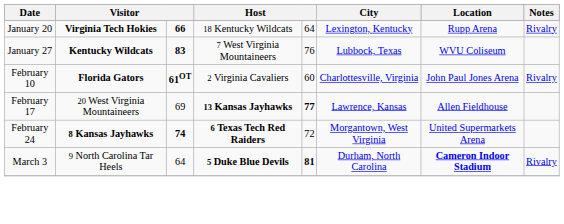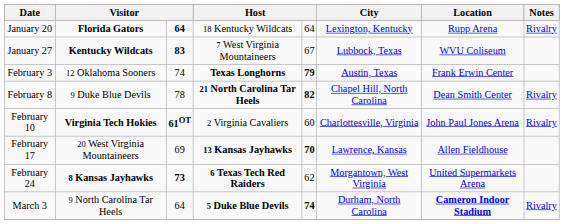 <table class="wikitable" style="text-align:center">
 <tr style="background:#A32638;"|>
 <th>Date</th>
 <th colspan=2>Visitor</th>
 <th colspan=2>Host</th>
 <th>City</th>
 <th>Location</th>
 <th>Notes</th>
 </tr>
 <tr>
 <td>January 20</td>
-<td><strong>Virginia Tech Hokies</strong></td>
-<td><strong>66</strong></td>
+<td><strong>Florida Gators</strong></td>
+<td><strong>64</strong></td>
 <td><small>18</small> Kentucky Wildcats</td>
 <td>64</td>
 <td><a href='#'>Lexington, Kentucky</a></td>
 <td><a href='#'>Rupp Arena</a></td>
 <td><a href='#'>Rivalry</a></td>
 </tr>
 <tr>
 <td>January 27</td>
 <td><strong>Kentucky Wildcats</strong></td>
 <td><strong>83</strong></td>
 <td><small>7</small> West Virginia Mountaineers</td>
-<td>76</td>
+<td>67</td>
 <td><a href='#'>Lubbock, Texas</a></td>
 <td><a href='#'>WVU Coliseum</a></td>
 <td></td>
 </tr>
 <tr>
+<td>February 3</td>
+<td><small>12</small> Oklahoma Sooners</td>
+<td>74</td>
+<td><strong>Texas Longhorns</strong></td>
+<td><strong>79</strong></td>
+<td><a href='#'>Austin, Texas</a></td>
+<td><a href='#'>Frank Erwin Center</a></td>
+<td></td>
+</tr>
+<tr>
+<td>February 8</td>
+<td><small>9</small> Duke Blue Devils</td>
+<td>78</td>
+<td><strong><small>21</small> North Carolina Tar Heels</strong></td>
+<td><strong>82</strong></td>
+<td><a href='#'>Chapel Hill, North Carolina</a></td>
+<td><a href='#'>Dean Smith Center</a></td>
+<td><a href='#'>Rivalry</a></td>
+</tr>
+<tr>
 <td>February 10</td>
-<td><strong>Florida Gators</strong></td>
+<td><strong>Virginia Tech Hokies</strong></td>
 <td><strong>61<sup>OT</sup></strong></td>
 <td><small>2</small> Virginia Cavaliers</td>
 <td>60</td>
 <td><a href='#'>Charlottesville, Virginia</a></td>
 <td><a href='#'>John Paul Jones Arena</a></td>
 <td><a href='#'>Rivalry</a></td>
 </tr>
 <tr>
 <td>February 17</td>
 <td><small>20</small> West Virginia Mountaineers</td>
 <td>69</td>
 <td><strong><small>13</small> Kansas Jayhawks</strong></td>
-<td><strong>77</strong></td>
+<td><strong>70</strong></td>
 <td><a href='#'>Lawrence, Kansas</a></td>
 <td><a href='#'>Allen Fieldhouse</a></td>
 <td></td>
 </tr>
 <tr>
 <td>February 24</td>
 <td><strong><small>8</small> Kansas Jayhawks</strong></td>
-<td><strong>74</strong></td>
+<td><strong>73</strong></td>
 <td><strong><small>6</small> Texas Tech Red Raiders</strong></td>
-<td>72</td>
+<td>62</td>
 <td><a href='#'>Morgantown, West Virginia</a></td>
 <td><a href='#'>United Supermarkets Arena</a></td>
 <td></td>
 </tr>
 <tr>
 <td>March 3</td>
 <td><small>9</small> North Carolina Tar Heels</td>
 <td>64</td>
 <td><strong><small>5</small> Duke Blue Devils</strong></td>
-<td><strong>81</strong></td>
+<td><strong>74</strong></td>
 <td><a href='#'>Durham, North Carolina</a></td>
 <td><strong><a href='#'>Cameron Indoor Stadium</a></strong></td>
 <td><a href='#'>Rivalry</a></td>
 </tr>
 <tr>
 </tr>
 </table>
